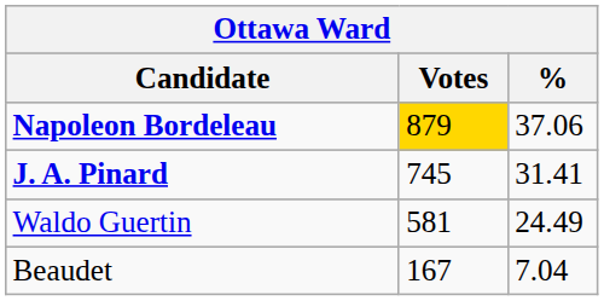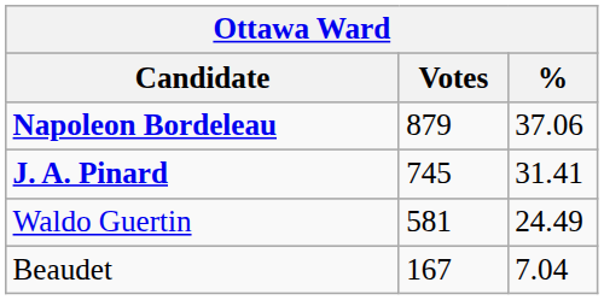 <table class="wikitable">
 <tr>
 <th colspan="3"><a href='#'>Ottawa Ward</a></th>
 </tr>
 <tr>
 <th style="width: 200px">Candidate</th>
 <th style="width: 50px">Votes</th>
 <th style="width: 40px">%</th>
 </tr>
 <tr>
 <td><strong><a href='#'>Napoleon Bordeleau</a></strong></td>
-<td style="background: gold;">879</td>
+<td>879</td>
 <td>37.06</td>
 </tr>
 <tr>
 <td><strong><a href='#'>J. A. Pinard</a></strong></td>
 <td>745</td>
 <td>31.41</td>
 </tr>
 <tr>
 <td><a href='#'>Waldo Guertin</a></td>
 <td>581</td>
 <td>24.49</td>
 </tr>
 <tr>
 <td>Beaudet</td>
 <td>167</td>
 <td>7.04</td>
 </tr>
 </table>
